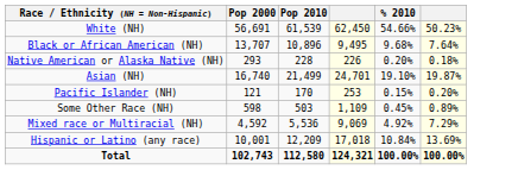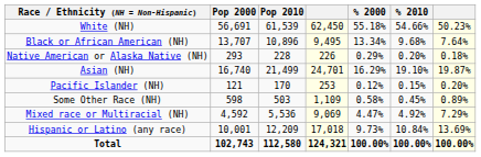 <table class="wikitable" style="text-align:center;">
 <tr>
 <th>Race / Ethnicity <small>(<em>NH = Non-Hispanic</em>)</small></th>
 <th>Pop 2000</th>
 <th>Pop 2010</th>
 <th></th>
+<th>% 2000</th>
 <th>% 2010</th>
 <th></th>
 </tr>
 <tr>
 <td><a href='#'>White</a> (NH)</td>
 <td>56,691</td>
 <td>61,539</td>
 <td style='background: #ffffe6;'>62,450</td>
+<td>55.18%</td>
 <td>54.66%</td>
 <td style='background: #ffffe6;'>50.23%</td>
 </tr>
 <tr>
 <td><a href='#'>Black or African American</a> (NH)</td>
 <td>13,707</td>
 <td>10,896</td>
 <td style='background: #ffffe6;'>9,495</td>
+<td>13.34%</td>
 <td>9.68%</td>
 <td style='background: #ffffe6;'>7.64%</td>
 </tr>
 <tr>
 <td><a href='#'>Native American</a> or <a href='#'>Alaska Native</a> (NH)</td>
 <td>293</td>
 <td>228</td>
 <td style='background: #ffffe6;'>226</td>
+<td>0.29%</td>
 <td>0.20%</td>
 <td style='background: #ffffe6;'>0.18%</td>
 </tr>
 <tr>
 <td><a href='#'>Asian</a> (NH)</td>
 <td>16,740</td>
 <td>21,499</td>
 <td style='background: #ffffe6;'>24,701</td>
+<td>16.29%</td>
 <td>19.10%</td>
 <td style='background: #ffffe6;'>19.87%</td>
 </tr>
 <tr>
 <td><a href='#'>Pacific Islander</a> (NH)</td>
 <td>121</td>
 <td>170</td>
 <td style='background: #ffffe6;'>253</td>
+<td>0.12%</td>
 <td>0.15%</td>
 <td style='background: #ffffe6;'>0.20%</td>
 </tr>
 <tr>
 <td>Some Other Race (NH)</td>
 <td>598</td>
 <td>503</td>
 <td style='background: #ffffe6;'>1,109</td>
+<td>0.58%</td>
 <td>0.45%</td>
 <td style='background: #ffffe6;'>0.89%</td>
 </tr>
 <tr>
 <td><a href='#'>Mixed race or Multiracial</a> (NH)</td>
 <td>4,592</td>
 <td>5,536</td>
 <td style='background: #ffffe6;'>9,069</td>
+<td>4.47%</td>
 <td>4.92%</td>
 <td style='background: #ffffe6;'>7.29%</td>
 </tr>
 <tr>
 <td><a href='#'>Hispanic or Latino</a> (any race)</td>
 <td>10,001</td>
 <td>12,209</td>
 <td style='background: #ffffe6;'>17,018</td>
+<td>9.73%</td>
 <td>10.84%</td>
 <td style='background: #ffffe6;'>13.69%</td>
 </tr>
 <tr>
 <td><strong>Total</strong></td>
 <td><strong>102,743</strong></td>
 <td><strong>112,580</strong></td>
 <td style='background: #ffffe6;'><strong>124,321</strong></td>
 <td><strong>100.00%</strong></td>
+<td><strong>100.00%</strong></td>
 <td style='background: #ffffe6;'><strong>100.00%</strong></td>
 </tr>
 </table>
